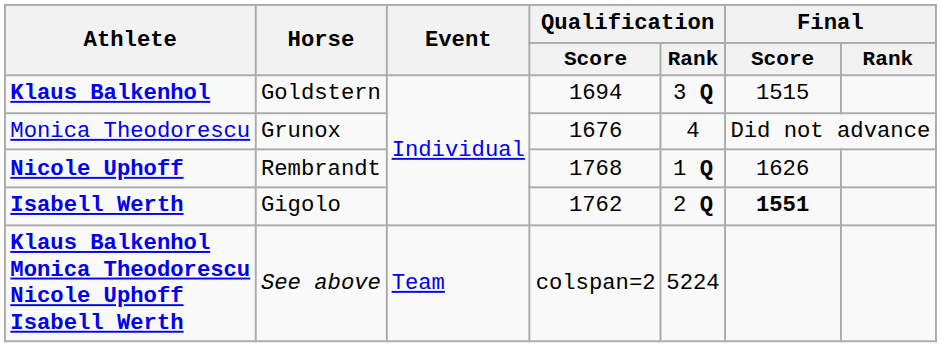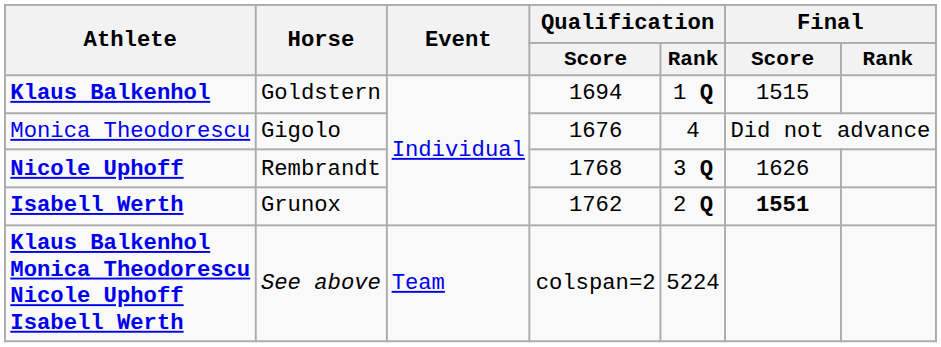 <table class=wikitable style="font-size:90%">
 <tr>
 <th rowspan="2">Athlete</th>
 <th rowspan="2">Horse</th>
 <th rowspan="2">Event</th>
 <th colspan="2">Qualification</th>
 <th colspan="2">Final</th>
 </tr>
 <tr style="font-size:95%">
 <th>Score</th>
 <th>Rank</th>
 <th>Score</th>
 <th>Rank</th>
 </tr>
 <tr align=center>
 <td align=left><strong><a href='#'>Klaus Balkenhol</a></strong></td>
 <td align=left>Goldstern</td>
 <td align=left rowspan=4><a href='#'>Individual</a></td>
 <td>1694</td>
-<td>3 <strong>Q</strong></td>
+<td>1 <strong>Q</strong></td>
 <td>1515</td>
 <td></td>
 </tr>
 <tr align=center>
 <td align=left><a href='#'>Monica Theodorescu</a></td>
-<td align=left>Grunox</td>
+<td align=left>Gigolo</td>
 <td>1676</td>
 <td>4</td>
 <td colspan=2>Did not advance</td>
 </tr>
 <tr align=center>
 <td align=left><strong><a href='#'>Nicole Uphoff</a></strong></td>
 <td align=left>Rembrandt</td>
 <td>1768</td>
-<td>1 <strong>Q</strong></td>
+<td>3 <strong>Q</strong></td>
 <td>1626</td>
 <td></td>
 </tr>
 <tr align=center>
 <td align=left><strong><a href='#'>Isabell Werth</a></strong></td>
-<td align=left>Gigolo</td>
+<td align=left>Grunox</td>
 <td>1762</td>
 <td>2 <strong>Q</strong></td>
 <td><strong>1551</strong></td>
 <td></td>
 </tr>
 <tr align=center>
 <td align=left><strong><a href='#'>Klaus Balkenhol</a><br><a href='#'>Monica Theodorescu</a><br><a href='#'>Nicole Uphoff</a><br><a href='#'>Isabell Werth</a></strong></td>
 <td align=left><em>See above</em></td>
 <td align=left><a href='#'>Team</a></td>
 <td>colspan=2</td>
 <td>5224</td>
 <td></td>
 </tr>
 </table>
